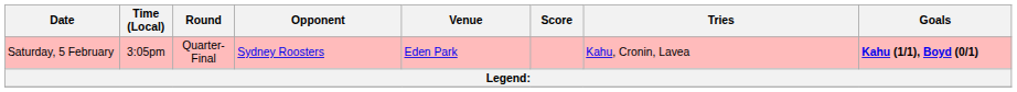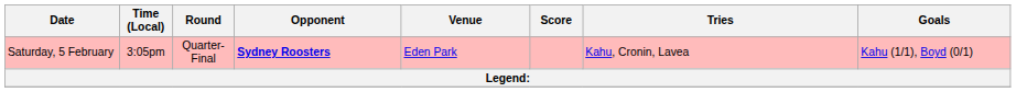 <table class="wikitable" style="font-size:75%;">
 <tr>
 <th width="115">Date</th>
 <th width="50">Time (Local)</th>
 <th width="60">Round</th>
 <th width="170">Opponent</th>
 <th width="130">Venue</th>
 <th width="50">Score</th>
 <th width="285">Tries</th>
 <th width="155">Goals</th>
 </tr>
 <tr bgcolor= #FFBBBB>
 <td>Saturday, 5 February</td>
 <td style="text-align:center;">3:05pm</td>
 <td style="text-align:center;">Quarter-Final</td>
-<td> <a href='#'>Sydney Roosters</a></td>
+<td><strong> <a href='#'>Sydney Roosters</a></strong></td>
 <td><a href='#'>Eden Park</a></td>
 <td style="text-align:center;"></td>
 <td><a href='#'>Kahu</a>, Cronin, Lavea</td>
-<td><strong><a href='#'>Kahu</a> (1/1), <a href='#'>Boyd</a> (0/1)</strong></td>
+<td><a href='#'>Kahu</a> (1/1), <a href='#'>Boyd</a> (0/1)</td>
 </tr>
 <tr>
 <th colspan="8">Legend:   </th>
 </tr>
 <tr>
 </tr>
 </table>
